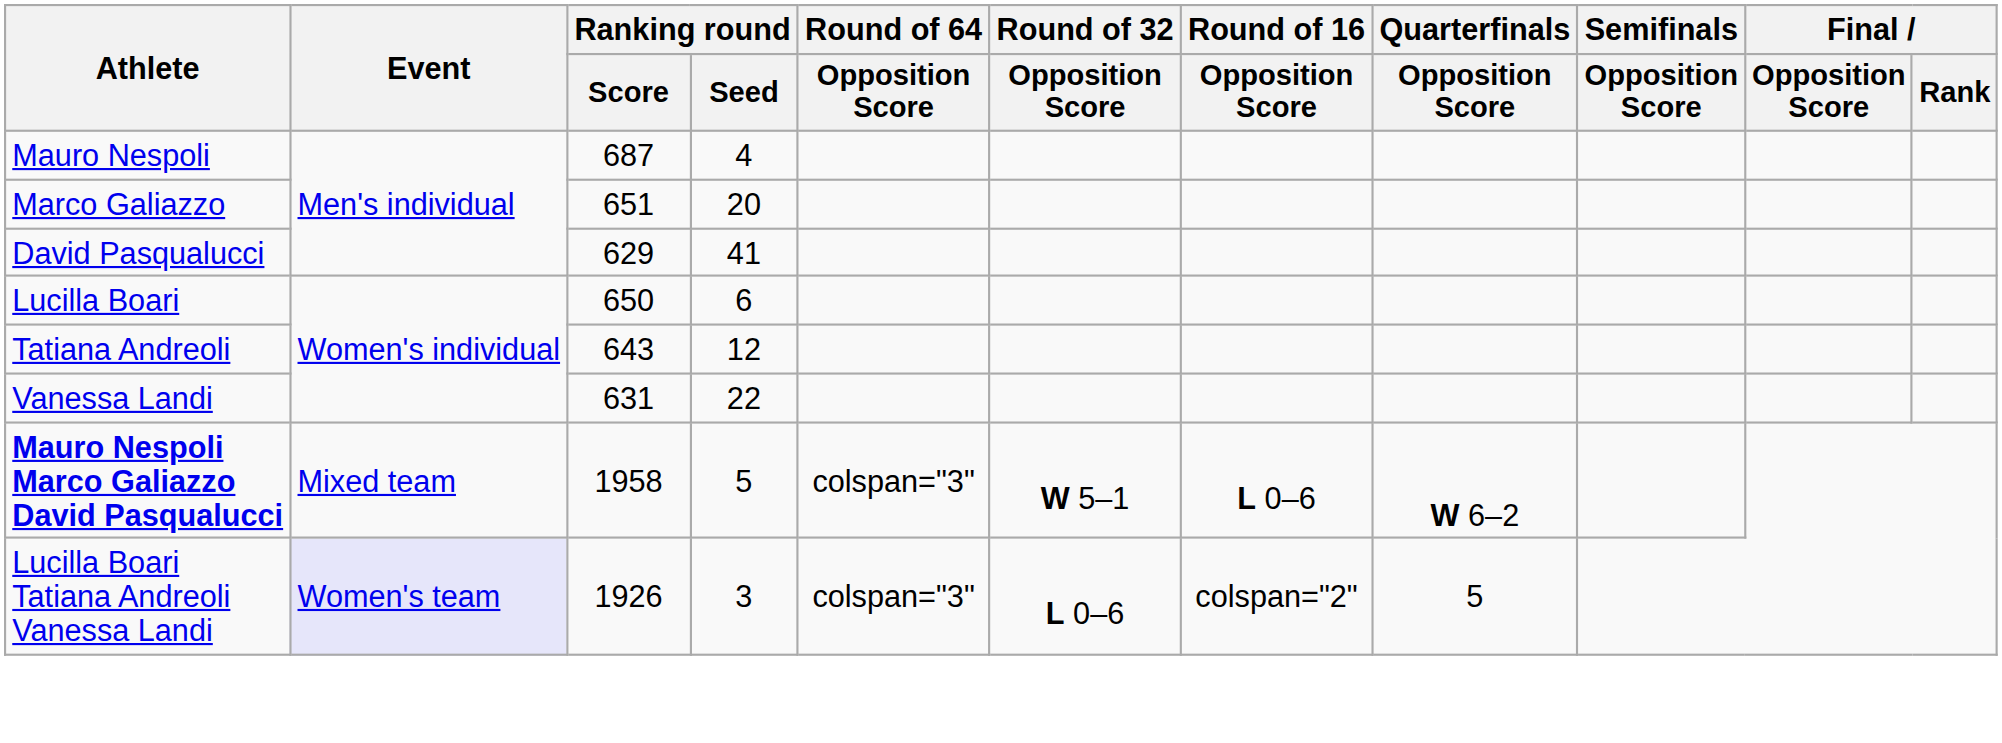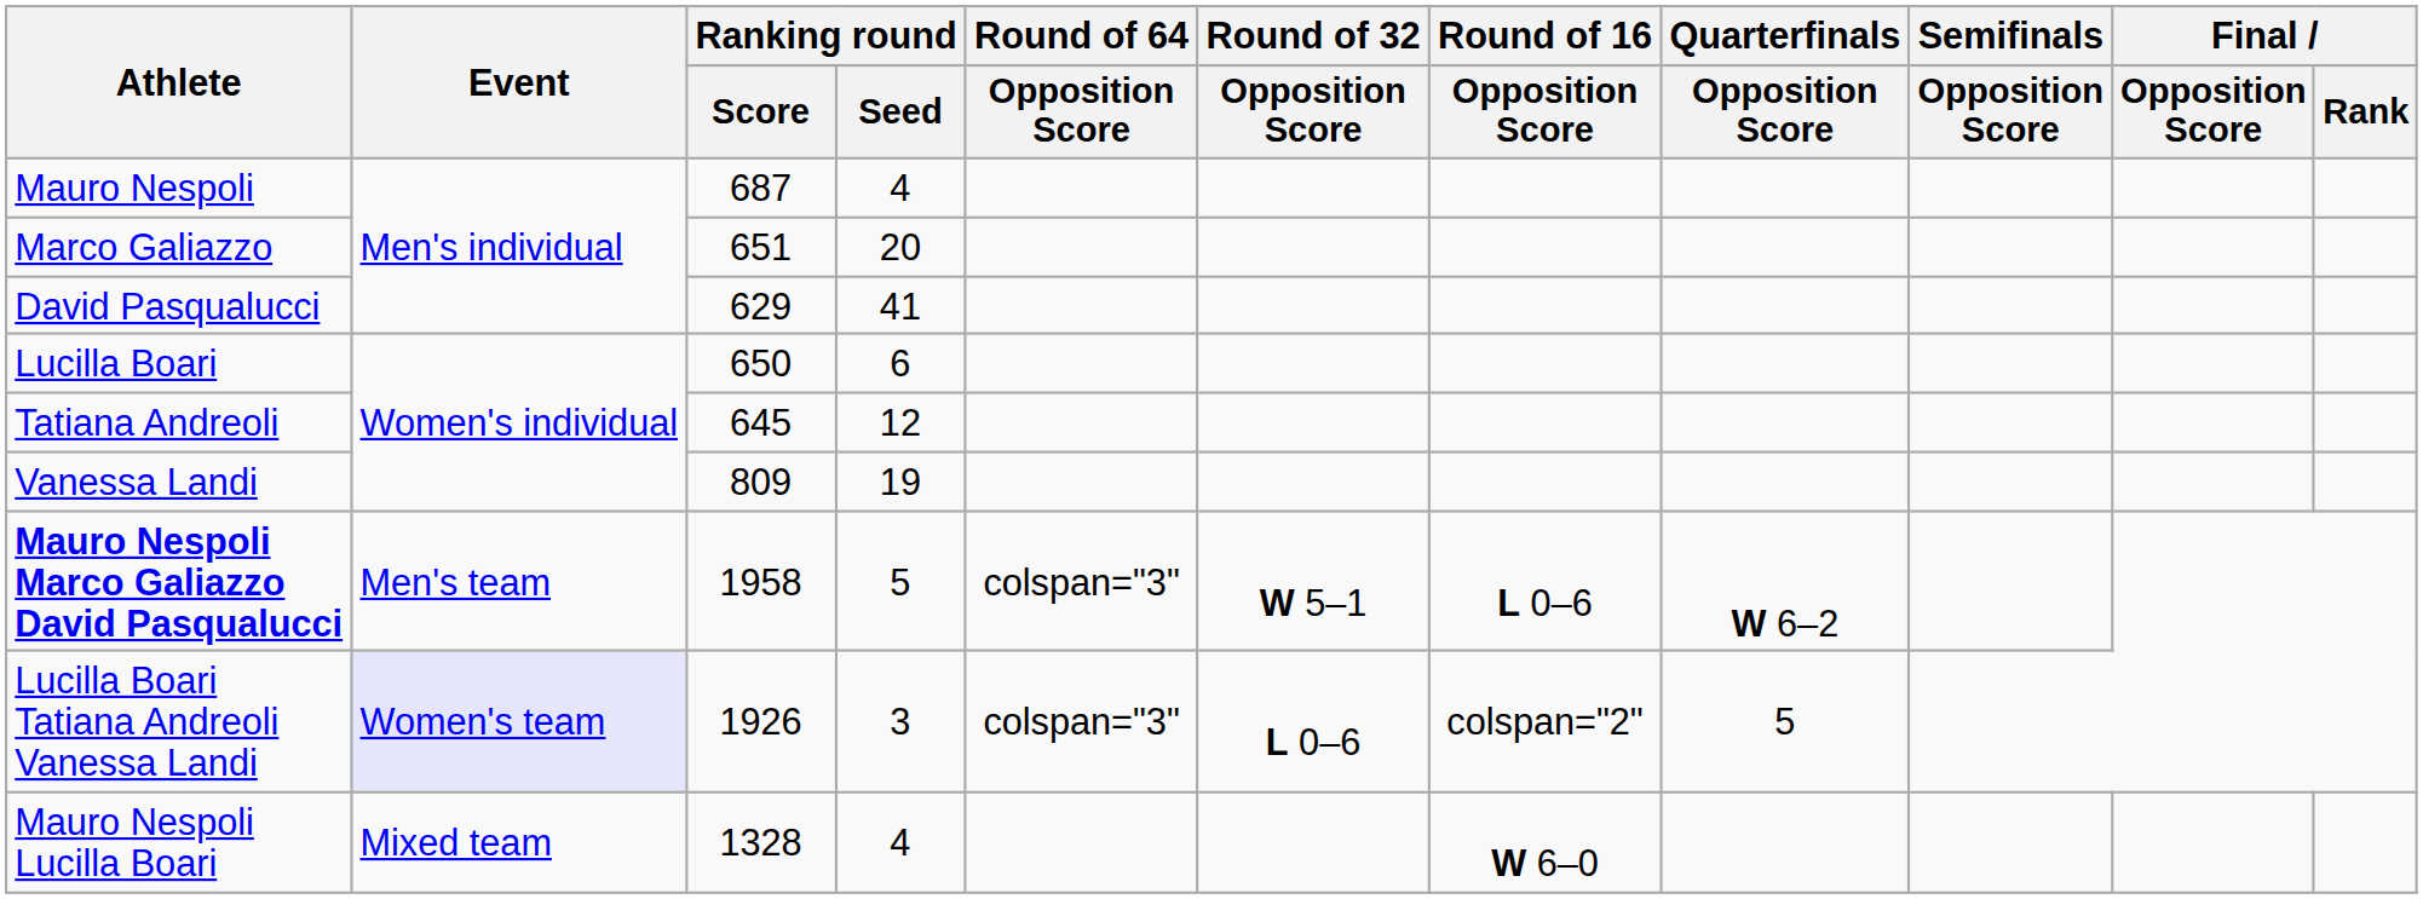 <table class="wikitable" style="text-align:center; font-size:90%">
 <tr>
 <th rowspan="2">Athlete</th>
 <th rowspan="2">Event</th>
 <th colspan="2">Ranking round</th>
 <th>Round of 64</th>
 <th>Round of 32</th>
 <th>Round of 16</th>
 <th>Quarterfinals</th>
 <th>Semifinals</th>
 <th colspan="2">Final / </th>
 </tr>
 <tr style="font-size:95%">
 <th>Score</th>
 <th>Seed</th>
 <th>Opposition<br>Score</th>
 <th>Opposition<br>Score</th>
 <th>Opposition<br>Score</th>
 <th>Opposition<br>Score</th>
 <th>Opposition<br>Score</th>
 <th>Opposition<br>Score</th>
 <th>Rank</th>
 </tr>
 <tr>
 <td align="left"><a href='#'>Mauro Nespoli</a></td>
 <td align="left" rowspan="3"><a href='#'>Men's individual</a></td>
 <td>687</td>
 <td>4</td>
 <td></td>
 <td></td>
 <td></td>
 <td></td>
 <td></td>
 <td></td>
 <td></td>
 </tr>
 <tr>
 <td align="left"><a href='#'>Marco Galiazzo</a></td>
 <td>651</td>
 <td>20</td>
 <td><br></td>
 <td></td>
 <td></td>
 <td></td>
 <td></td>
 <td></td>
 <td></td>
 </tr>
 <tr>
 <td align="left"><a href='#'>David Pasqualucci</a></td>
 <td>629</td>
 <td>41</td>
 <td><br></td>
 <td></td>
 <td></td>
 <td></td>
 <td></td>
 <td></td>
 <td></td>
 </tr>
 <tr>
 <td align="left"><a href='#'>Lucilla Boari</a></td>
 <td align="left" rowspan="3"><a href='#'>Women's individual</a></td>
 <td>650</td>
 <td>6</td>
 <td></td>
 <td></td>
 <td></td>
 <td></td>
 <td></td>
 <td></td>
 <td></td>
 </tr>
 <tr>
 <td align="left"><a href='#'>Tatiana Andreoli</a></td>
-<td>643</td>
+<td>645</td>
 <td>12</td>
 <td></td>
 <td></td>
 <td></td>
 <td></td>
 <td></td>
 <td></td>
 <td></td>
 </tr>
 <tr>
 <td align="left"><a href='#'>Vanessa Landi</a></td>
-<td>631</td>
-<td>22</td>
+<td>809</td>
+<td>19</td>
 <td><br></td>
 <td></td>
 <td></td>
 <td></td>
 <td></td>
 <td></td>
 <td></td>
 </tr>
 <tr>
 <td align="left"><strong><a href='#'>Mauro Nespoli</a><br><a href='#'>Marco Galiazzo</a><br><a href='#'>David Pasqualucci</a></strong></td>
-<td align="left"><a href='#'>Mixed team</a></td>
+<td align="left"><a href='#'>Men's team</a></td>
 <td>1958</td>
 <td>5</td>
 <td>colspan="3" </td>
 <td><br><strong>W</strong> 5–1</td>
 <td><br><strong>L</strong> 0–6</td>
 <td><strong></strong><br><br><strong>W</strong> 6–2</td>
 <td></td>
 </tr>
 <tr>
 <td align="left"><a href='#'>Lucilla Boari</a><br><a href='#'>Tatiana Andreoli</a><br><a href='#'>Vanessa Landi</a></td>
 <td align="left" style="background: lavender;"><a href='#'>Women's team</a></td>
 <td>1926</td>
 <td>3</td>
 <td>colspan="3" </td>
 <td><br><strong>L</strong> 0–6</td>
 <td>colspan="2" </td>
 <td>5</td>
 </tr>
+<tr>
+<td align="left"><a href='#'>Mauro Nespoli</a><br><a href='#'>Lucilla Boari</a></td>
+<td align="left"><a href='#'>Mixed team</a></td>
+<td>1328</td>
+<td>4</td>
+<td></td>
+<td></td>
+<td><br><strong>W</strong> 6–0</td>
+<td><br></td>
+<td></td>
+<td></td>
+<td></td>
+</tr>
 </table>
